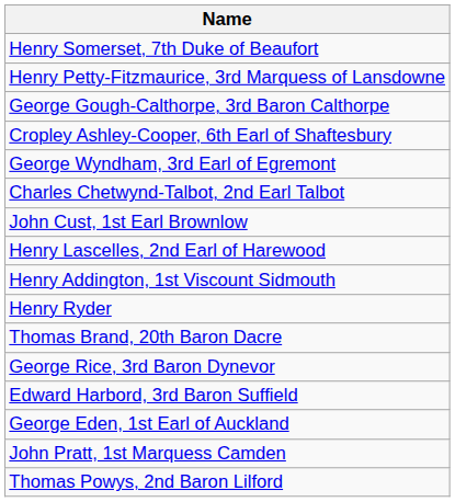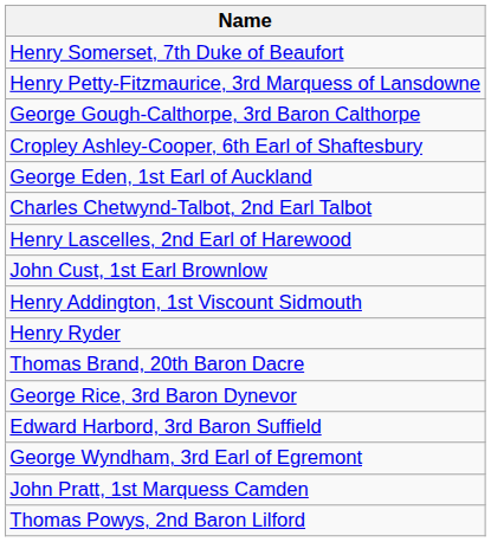 <table class="wikitable">
 <tr>
 <th>Name</th>
 </tr>
 <tr>
 <td><a href='#'>Henry Somerset, 7th Duke of Beaufort</a></td>
 </tr>
 <tr>
 <td><a href='#'>Henry Petty-Fitzmaurice, 3rd Marquess of Lansdowne</a></td>
 </tr>
 <tr>
 <td><a href='#'>George Gough-Calthorpe, 3rd Baron Calthorpe</a></td>
 </tr>
 <tr>
 <td><a href='#'>Cropley Ashley-Cooper, 6th Earl of Shaftesbury</a></td>
 </tr>
 <tr>
-<td><a href='#'>George Wyndham, 3rd Earl of Egremont</a></td>
+<td><a href='#'>George Eden, 1st Earl of Auckland</a></td>
 </tr>
 <tr>
 <td><a href='#'>Charles Chetwynd-Talbot, 2nd Earl Talbot</a></td>
 </tr>
 <tr>
-<td><a href='#'>John Cust, 1st Earl Brownlow</a></td>
+<td><a href='#'>Henry Lascelles, 2nd Earl of Harewood</a></td>
 </tr>
 <tr>
-<td><a href='#'>Henry Lascelles, 2nd Earl of Harewood</a></td>
+<td><a href='#'>John Cust, 1st Earl Brownlow</a></td>
 </tr>
 <tr>
 <td><a href='#'>Henry Addington, 1st Viscount Sidmouth</a></td>
 </tr>
 <tr>
 <td><a href='#'>Henry Ryder</a></td>
 </tr>
 <tr>
 <td><a href='#'>Thomas Brand, 20th Baron Dacre</a></td>
 </tr>
 <tr>
 <td><a href='#'>George Rice, 3rd Baron Dynevor</a></td>
 </tr>
 <tr>
 <td><a href='#'>Edward Harbord, 3rd Baron Suffield</a></td>
 </tr>
 <tr>
-<td><a href='#'>George Eden, 1st Earl of Auckland</a></td>
+<td><a href='#'>George Wyndham, 3rd Earl of Egremont</a></td>
 </tr>
 <tr>
 <td><a href='#'>John Pratt, 1st Marquess Camden</a></td>
 </tr>
 <tr>
 <td><a href='#'>Thomas Powys, 2nd Baron Lilford</a></td>
 </tr>
 </table>
